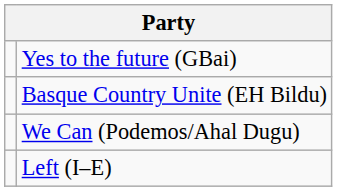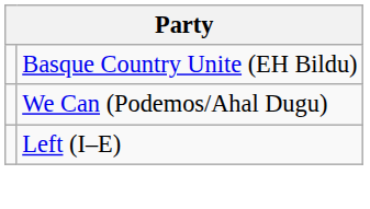 <table class="wikitable" style="text-align:left; font-size:97%;">
 <tr>
 <th colspan="2">Party</th>
-</tr>
-<tr>
-<td width="1"></td>
-<td><a href='#'>Yes to the future</a> (GBai)</td>
 </tr>
 <tr>
 <td></td>
 <td><a href='#'>Basque Country Unite</a> (EH Bildu)</td>
 </tr>
 <tr>
 <td></td>
 <td><a href='#'>We Can</a> (Podemos/Ahal Dugu)</td>
 </tr>
 <tr>
 <td></td>
 <td><a href='#'>Left</a> (I–E)</td>
 </tr>
 </table>
